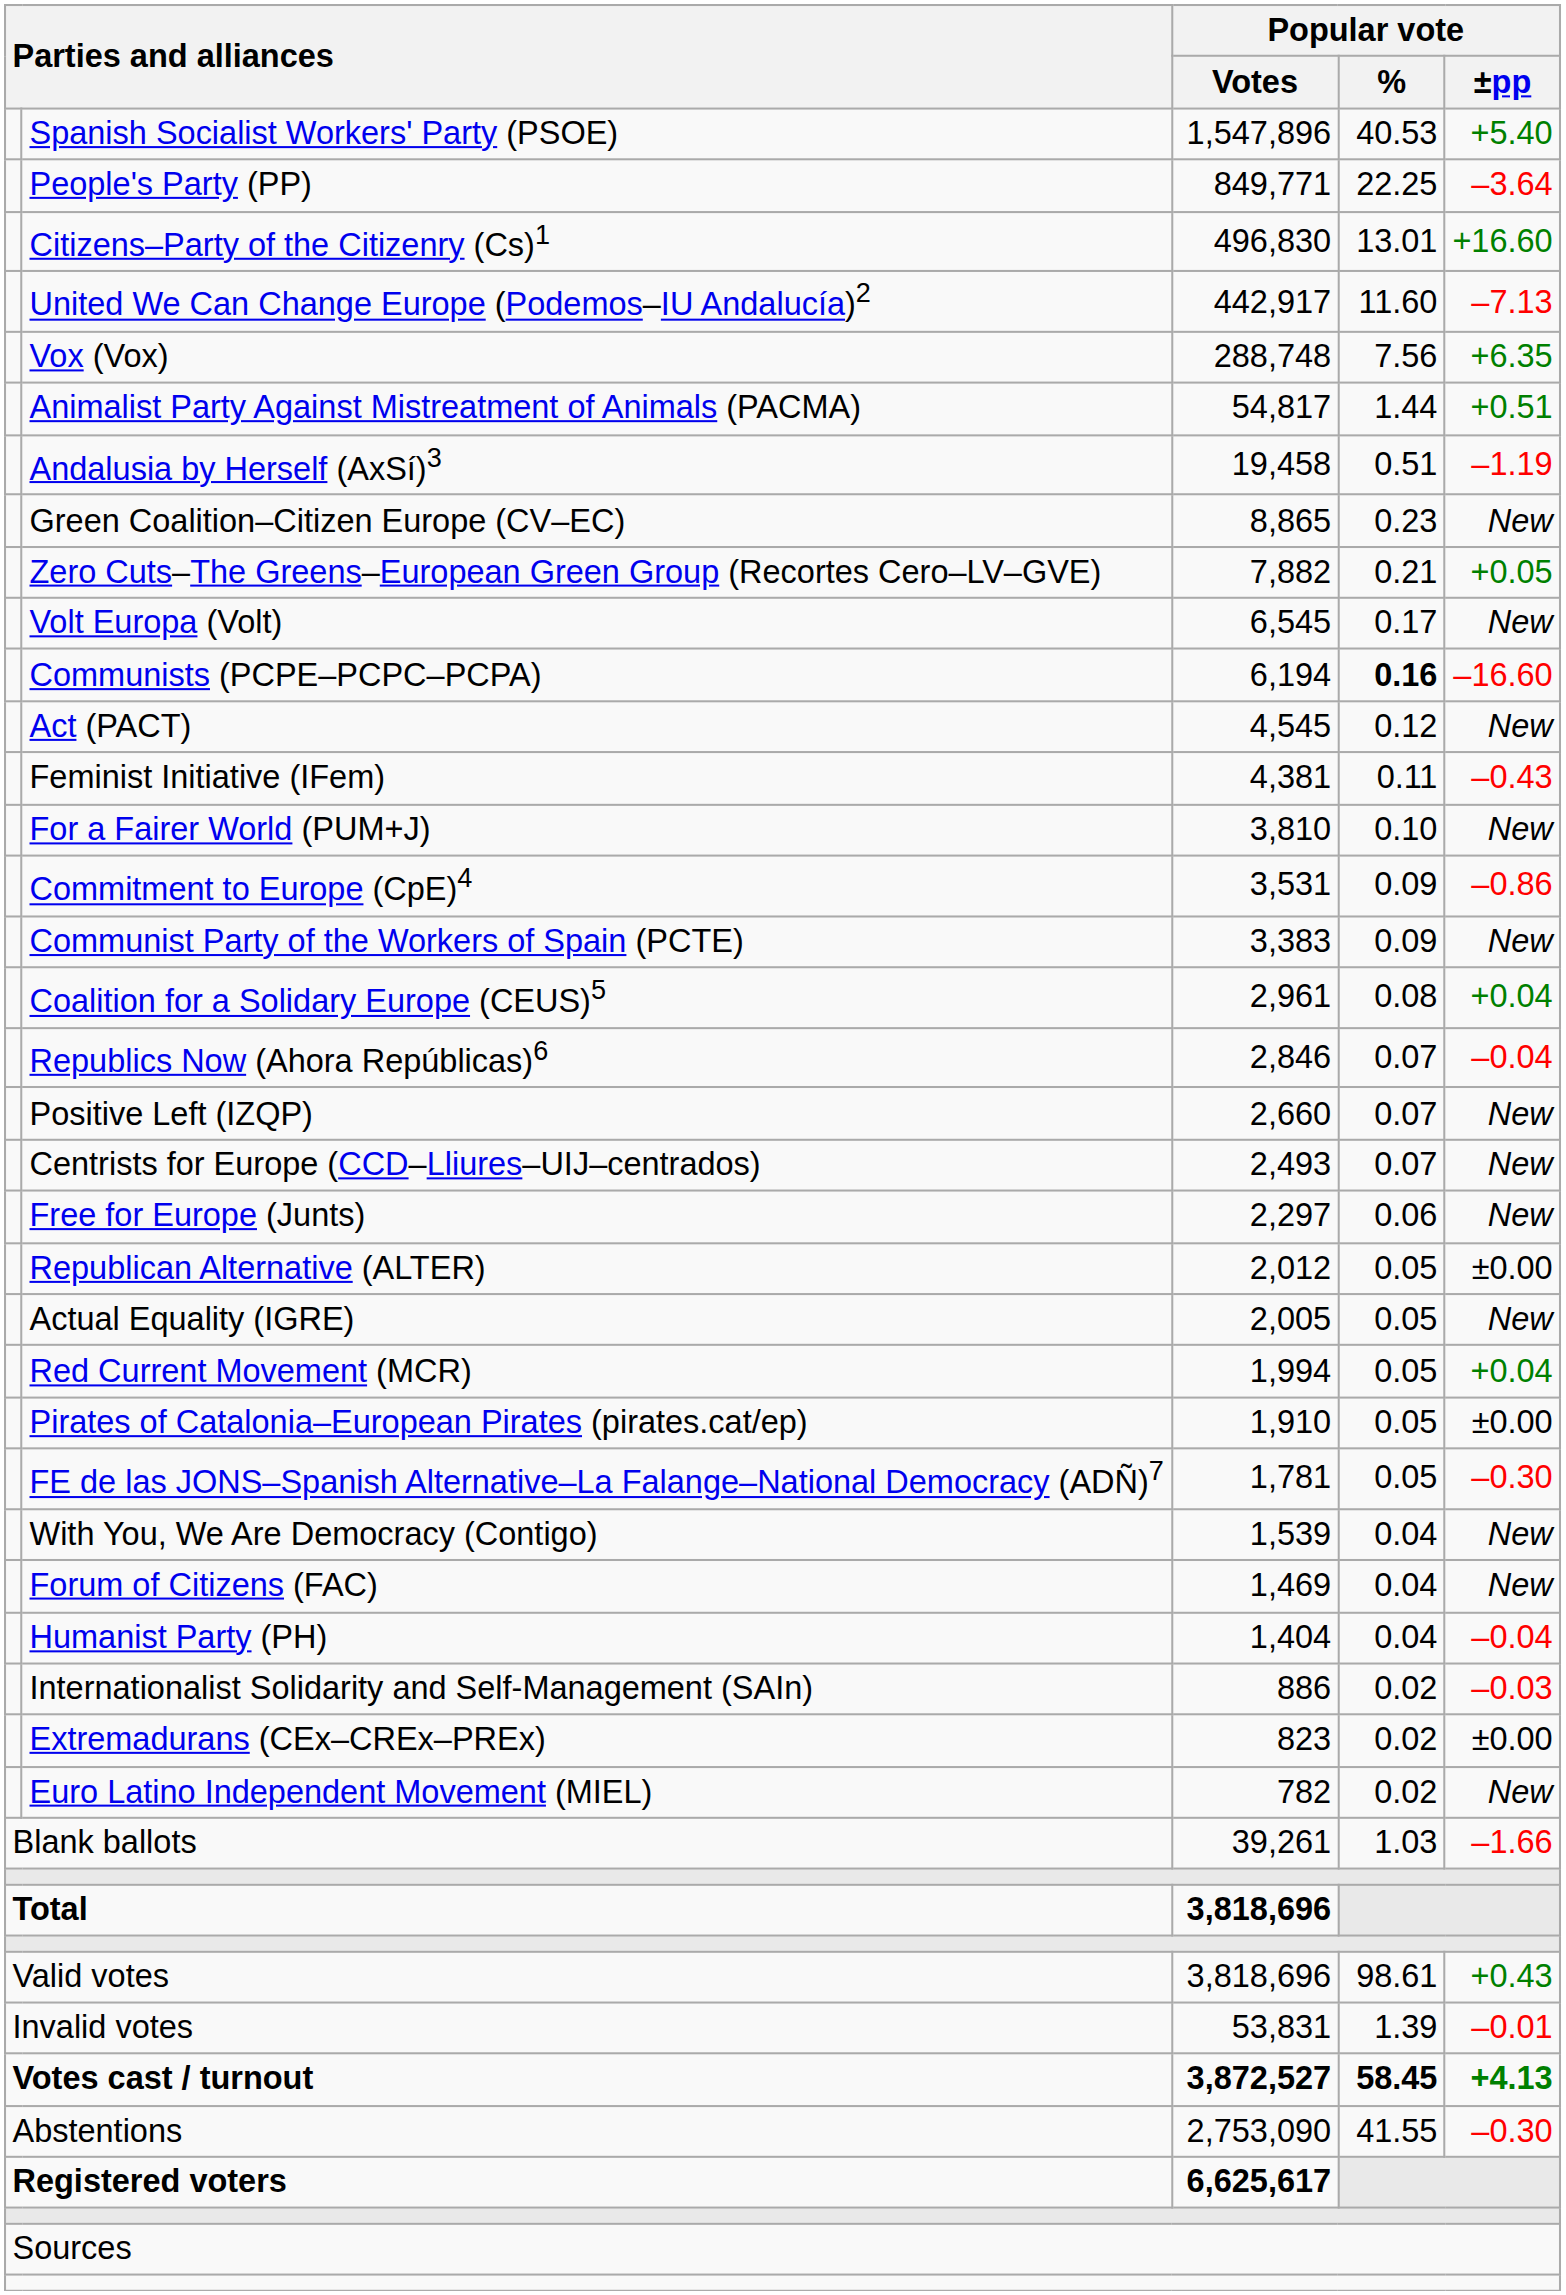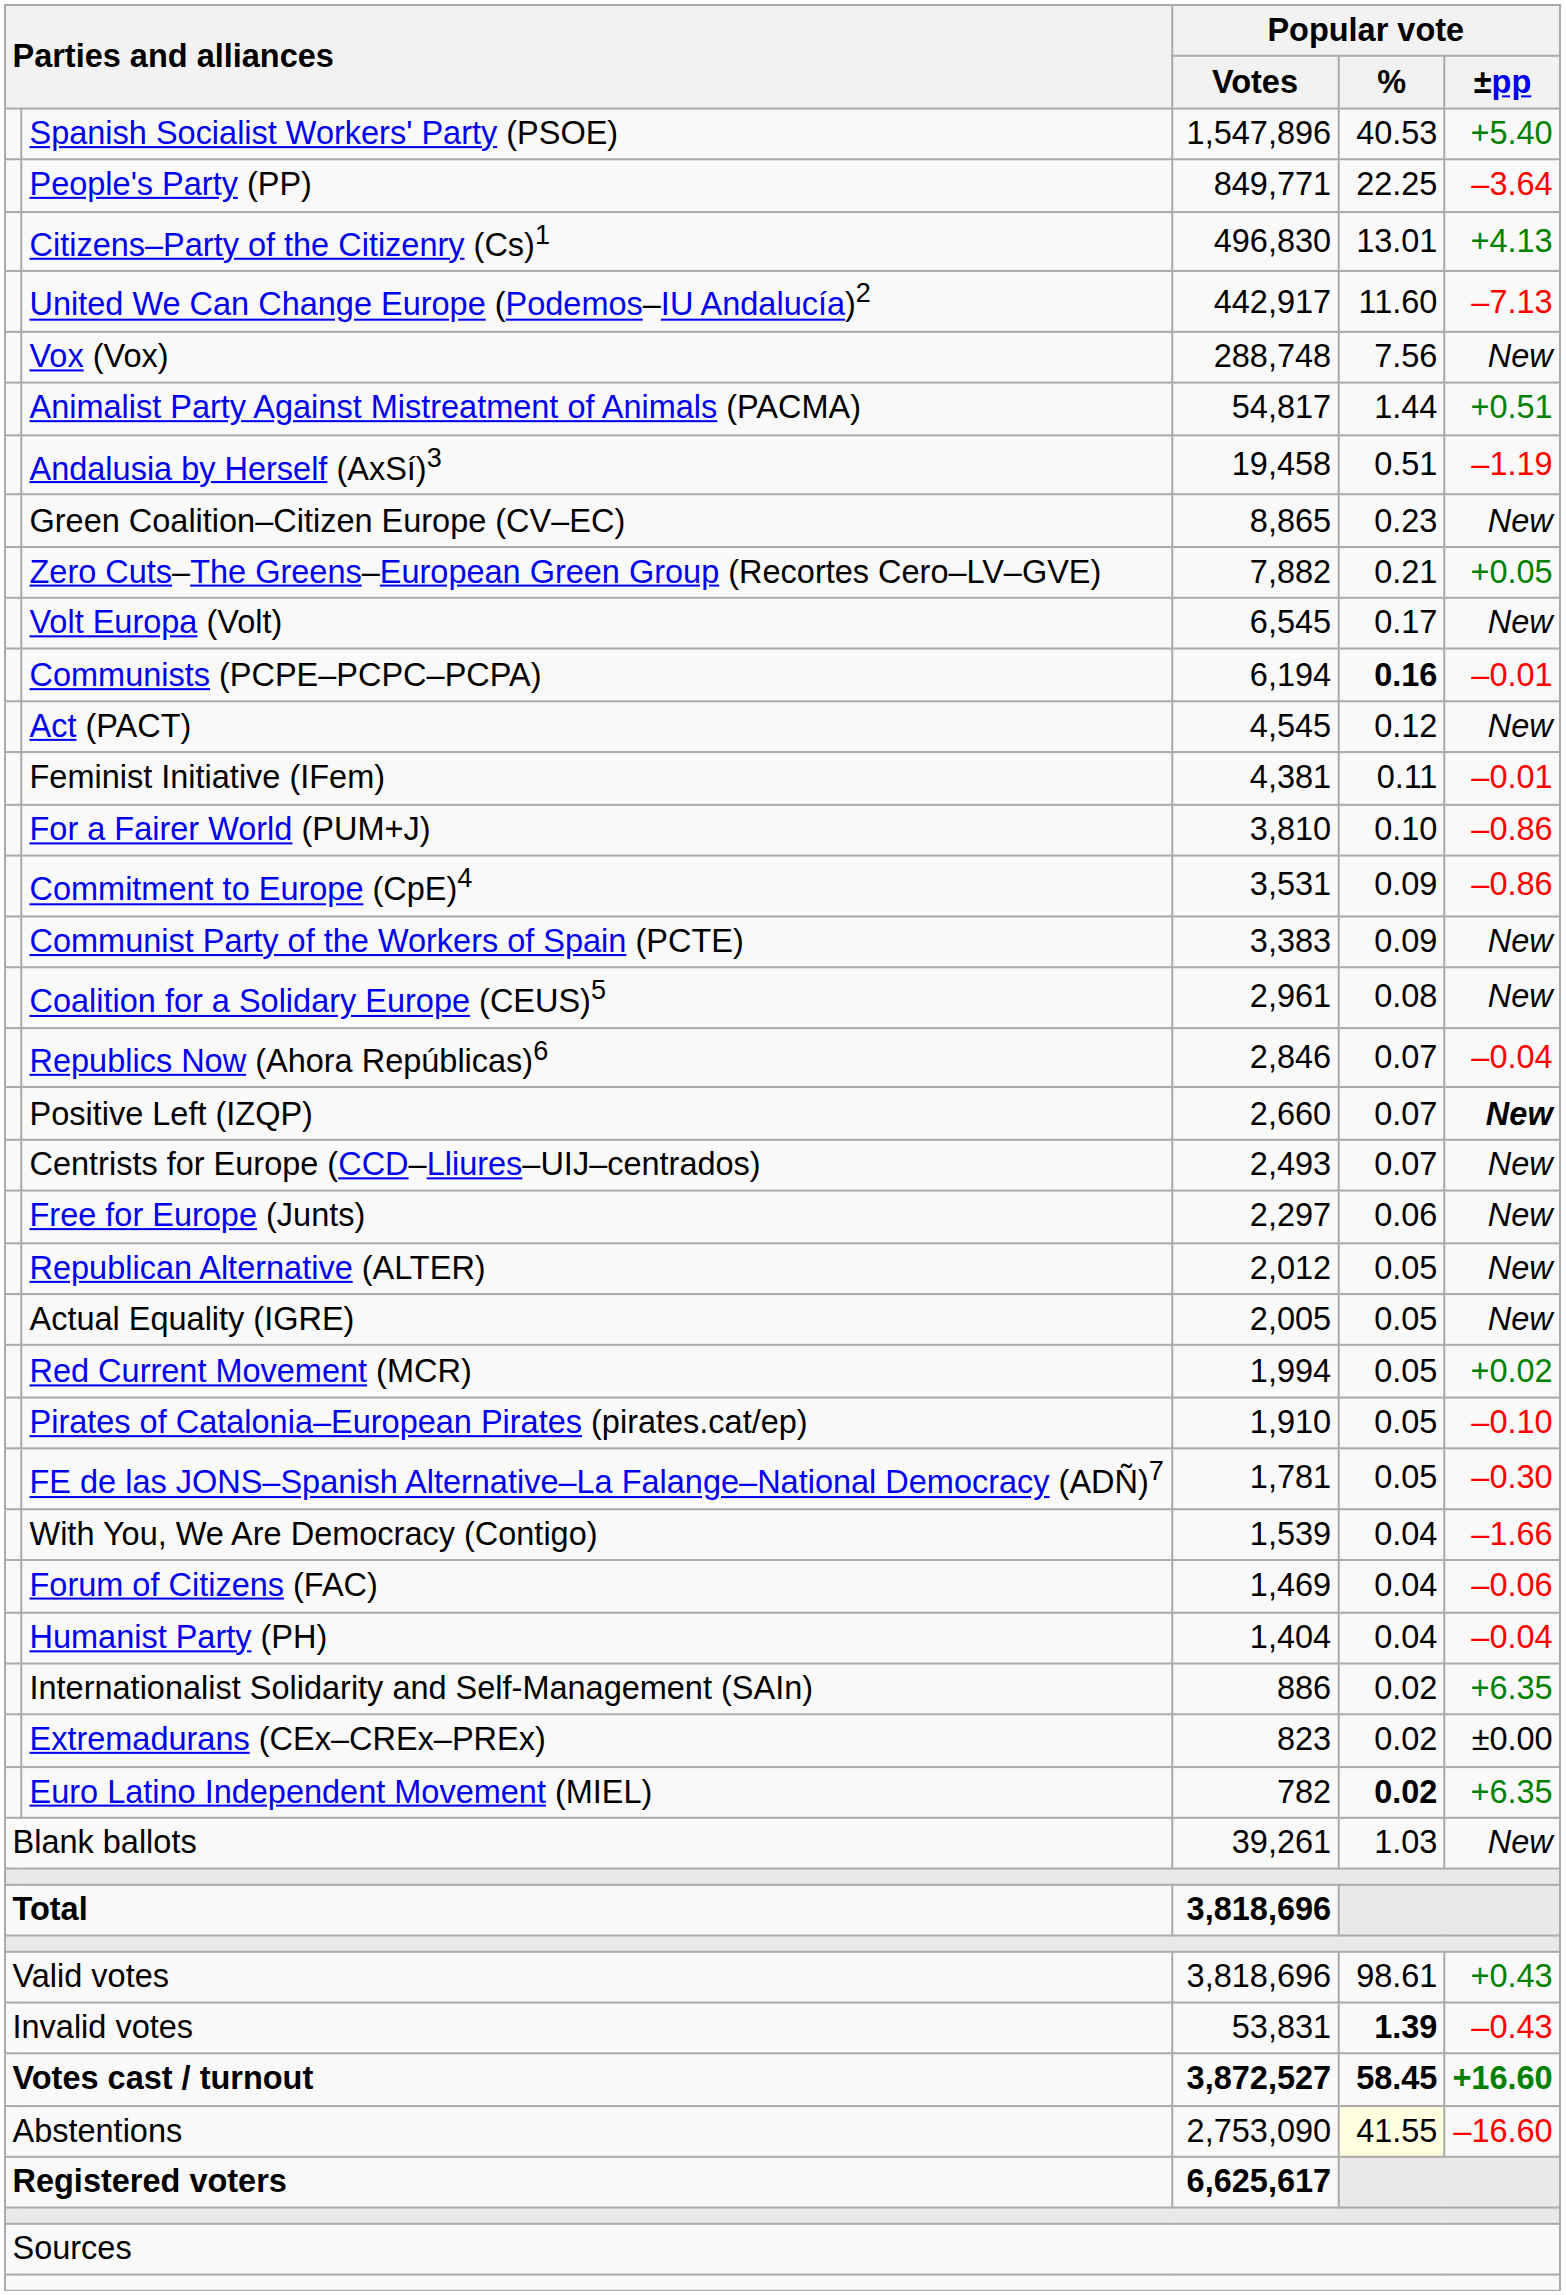 <table class="wikitable" style="text-align:right;">
 <tr>
 <th style="text-align:left;" rowspan="2" colspan="2" width="525">Parties and alliances</th>
 <th colspan="3">Popular vote</th>
 </tr>
 <tr>
 <th width="75">Votes</th>
 <th width="45">%</th>
 <th width="45">±<a href='#'>pp</a></th>
 </tr>
 <tr>
 <td width="1" style="color:inherit;background:"></td>
 <td align="left"><a href='#'>Spanish Socialist Workers' Party</a> (PSOE)</td>
 <td>1,547,896</td>
 <td>40.53</td>
 <td style="color:green;">+5.40</td>
 </tr>
 <tr>
 <td style="color:inherit;background:"></td>
 <td align="left"><a href='#'>People's Party</a> (PP)</td>
 <td>849,771</td>
 <td>22.25</td>
 <td style="color:red;">–3.64</td>
 </tr>
 <tr>
 <td style="color:inherit;background:"></td>
 <td align="left"><a href='#'>Citizens–Party of the Citizenry</a> (Cs)<sup>1</sup></td>
 <td>496,830</td>
 <td>13.01</td>
-<td style="color:green;">+16.60</td>
+<td style="color:green;">+4.13</td>
 </tr>
 <tr>
 <td style="color:inherit;background:"></td>
 <td align="left"><a href='#'>United We Can Change Europe</a> (<a href='#'>Podemos</a>–<a href='#'>IU Andalucía</a>)<sup>2</sup></td>
 <td>442,917</td>
 <td>11.60</td>
 <td style="color:red;">–7.13</td>
 </tr>
 <tr>
 <td style="color:inherit;background:"></td>
 <td align="left"><a href='#'>Vox</a> (Vox)</td>
 <td>288,748</td>
 <td>7.56</td>
-<td style="color:green;">+6.35</td>
+<td><em>New</em></td>
 </tr>
 <tr>
 <td style="color:inherit;background:"></td>
 <td align="left"><a href='#'>Animalist Party Against Mistreatment of Animals</a> (PACMA)</td>
 <td>54,817</td>
 <td>1.44</td>
 <td style="color:green;">+0.51</td>
 </tr>
 <tr>
 <td style="color:inherit;background:"></td>
 <td align="left"><a href='#'>Andalusia by Herself</a> (AxSí)<sup>3</sup></td>
 <td>19,458</td>
 <td>0.51</td>
 <td style="color:red;">–1.19</td>
 </tr>
 <tr>
 <td style="color:inherit;background:"></td>
 <td align="left">Green Coalition–Citizen Europe (CV–EC)</td>
 <td>8,865</td>
 <td>0.23</td>
 <td><em>New</em></td>
 </tr>
 <tr>
 <td style="color:inherit;background:"></td>
 <td align="left"><a href='#'>Zero Cuts</a>–<a href='#'>The Greens</a>–<a href='#'>European Green Group</a> (Recortes Cero–LV–GVE)</td>
 <td>7,882</td>
 <td>0.21</td>
 <td style="color:green;">+0.05</td>
 </tr>
 <tr>
 <td style="color:inherit;background:"></td>
 <td align="left"><a href='#'>Volt Europa</a> (Volt)</td>
 <td>6,545</td>
 <td>0.17</td>
 <td><em>New</em></td>
 </tr>
 <tr>
 <td style="color:inherit;background:"></td>
 <td align="left"><a href='#'>Communists</a> (PCPE–PCPC–PCPA)</td>
 <td>6,194</td>
 <td><strong>0.16</strong></td>
-<td style="color:red;">–16.60</td>
+<td style="color:red;">–0.01</td>
 </tr>
 <tr>
 <td style="color:inherit;background:"></td>
 <td align="left"><a href='#'>Act</a> (PACT)</td>
 <td>4,545</td>
 <td>0.12</td>
 <td><em>New</em></td>
 </tr>
 <tr>
 <td style="color:inherit;background:"></td>
 <td align="left">Feminist Initiative (IFem)</td>
 <td>4,381</td>
 <td>0.11</td>
-<td style="color:red;">–0.43</td>
+<td style="color:red;">–0.01</td>
 </tr>
 <tr>
 <td style="color:inherit;background:"></td>
 <td align="left"><a href='#'>For a Fairer World</a> (PUM+J)</td>
 <td>3,810</td>
 <td>0.10</td>
-<td><em>New</em></td>
+<td style="color:red;">–0.86</td>
 </tr>
 <tr>
 <td style="color:inherit;background:"></td>
 <td align="left"><a href='#'>Commitment to Europe</a> (CpE)<sup>4</sup></td>
 <td>3,531</td>
 <td>0.09</td>
 <td style="color:red;">–0.86</td>
 </tr>
 <tr>
 <td style="color:inherit;background:"></td>
 <td align="left"><a href='#'>Communist Party of the Workers of Spain</a> (PCTE)</td>
 <td>3,383</td>
 <td>0.09</td>
 <td><em>New</em></td>
 </tr>
 <tr>
 <td style="color:inherit;background:"></td>
 <td align="left"><a href='#'>Coalition for a Solidary Europe</a> (CEUS)<sup>5</sup></td>
 <td>2,961</td>
 <td>0.08</td>
-<td style="color:green;">+0.04</td>
+<td><em>New</em></td>
 </tr>
 <tr>
 <td style="color:inherit;background:"></td>
 <td align="left"><a href='#'>Republics Now</a> (Ahora Repúblicas)<sup>6</sup></td>
 <td>2,846</td>
 <td>0.07</td>
 <td style="color:red;">–0.04</td>
 </tr>
 <tr>
 <td style="color:inherit;background:"></td>
 <td align="left">Positive Left (IZQP)</td>
 <td>2,660</td>
 <td>0.07</td>
-<td><em>New</em></td>
+<td><strong><em>New</em></strong></td>
 </tr>
 <tr>
 <td style="color:inherit;background:"></td>
 <td align="left">Centrists for Europe (<a href='#'>CCD</a>–<a href='#'>Lliures</a>–UIJ–centrados)</td>
 <td>2,493</td>
 <td>0.07</td>
 <td><em>New</em></td>
 </tr>
 <tr>
 <td style="color:inherit;background:"></td>
 <td align="left"><a href='#'>Free for Europe</a> (Junts)</td>
 <td>2,297</td>
 <td>0.06</td>
 <td><em>New</em></td>
 </tr>
 <tr>
 <td style="color:inherit;background:"></td>
 <td align="left"><a href='#'>Republican Alternative</a> (ALTER)</td>
 <td>2,012</td>
 <td>0.05</td>
-<td>±0.00</td>
+<td><em>New</em></td>
 </tr>
 <tr>
 <td style="color:inherit;background:"></td>
 <td align="left">Actual Equality (IGRE)</td>
 <td>2,005</td>
 <td>0.05</td>
 <td><em>New</em></td>
 </tr>
 <tr>
 <td style="color:inherit;background:"></td>
 <td align="left"><a href='#'>Red Current Movement</a> (MCR)</td>
 <td>1,994</td>
 <td>0.05</td>
-<td style="color:green;">+0.04</td>
+<td style="color:green;">+0.02</td>
 </tr>
 <tr>
 <td style="color:inherit;background:"></td>
 <td align="left"><a href='#'>Pirates of Catalonia–European Pirates</a> (pirates.cat/ep)</td>
 <td>1,910</td>
 <td>0.05</td>
-<td>±0.00</td>
+<td style="color:red;">–0.10</td>
 </tr>
 <tr>
 <td style="color:inherit;background:"></td>
 <td align="left"><a href='#'>FE de las JONS–Spanish Alternative–La Falange–National Democracy</a> (ADÑ)<sup>7</sup></td>
 <td>1,781</td>
 <td>0.05</td>
 <td style="color:red;">–0.30</td>
 </tr>
 <tr>
 <td style="color:inherit;background:"></td>
 <td align="left">With You, We Are Democracy (Contigo)</td>
 <td>1,539</td>
 <td>0.04</td>
-<td><em>New</em></td>
+<td style="color:red;">–1.66</td>
 </tr>
 <tr>
 <td style="color:inherit;background:"></td>
 <td align="left"><a href='#'>Forum of Citizens</a> (FAC)</td>
 <td>1,469</td>
 <td>0.04</td>
-<td><em>New</em></td>
+<td style="color:red;">–0.06</td>
 </tr>
 <tr>
 <td style="color:inherit;background:"></td>
 <td align="left"><a href='#'>Humanist Party</a> (PH)</td>
 <td>1,404</td>
 <td>0.04</td>
 <td style="color:red;">–0.04</td>
 </tr>
 <tr>
 <td style="color:inherit;background:"></td>
 <td align="left">Internationalist Solidarity and Self-Management (SAIn)</td>
 <td>886</td>
 <td>0.02</td>
-<td style="color:red;">–0.03</td>
+<td style="color:green;">+6.35</td>
 </tr>
 <tr>
 <td style="color:inherit;background:"></td>
 <td align="left"><a href='#'>Extremadurans</a> (CEx–CREx–PREx)</td>
 <td>823</td>
 <td>0.02</td>
 <td>±0.00</td>
 </tr>
 <tr>
 <td style="color:inherit;background:"></td>
 <td align="left"><a href='#'>Euro Latino Independent Movement</a> (MIEL)</td>
 <td>782</td>
-<td>0.02</td>
-<td><em>New</em></td>
+<td><strong>0.02</strong></td>
+<td style="color:green;">+6.35</td>
 </tr>
 <tr>
 <td align="left" colspan="2">Blank ballots</td>
 <td>39,261</td>
 <td>1.03</td>
-<td style="color:red;">–1.66</td>
+<td><em>New</em></td>
 </tr>
 <tr>
 <td colspan="5" bgcolor="#E9E9E9"></td>
 </tr>
 <tr style="font-weight:bold;">
 <td align="left" colspan="2">Total</td>
 <td>3,818,696</td>
 <td bgcolor="#E9E9E9" colspan="2"></td>
 </tr>
 <tr>
 <td colspan="5" bgcolor="#E9E9E9"></td>
 </tr>
 <tr>
 <td align="left" colspan="2">Valid votes</td>
 <td>3,818,696</td>
 <td>98.61</td>
 <td style="color:green;">+0.43</td>
 </tr>
 <tr>
 <td align="left" colspan="2">Invalid votes</td>
 <td>53,831</td>
-<td>1.39</td>
-<td style="color:red;">–0.01</td>
+<td><strong>1.39</strong></td>
+<td style="color:red;">–0.43</td>
 </tr>
 <tr style="font-weight:bold;">
 <td align="left" colspan="2">Votes cast / turnout</td>
 <td>3,872,527</td>
 <td>58.45</td>
-<td style="color:green;">+4.13</td>
+<td style="color:green;">+16.60</td>
 </tr>
 <tr>
 <td align="left" colspan="2">Abstentions</td>
 <td>2,753,090</td>
-<td>41.55</td>
-<td style="color:red;">–0.30</td>
+<td style="background: lightyellow;">41.55</td>
+<td style="color:red;">–16.60</td>
 </tr>
 <tr style="font-weight:bold;">
 <td align="left" colspan="2">Registered voters</td>
 <td>6,625,617</td>
 <td bgcolor="#E9E9E9" colspan="2"></td>
 </tr>
 <tr>
 <td colspan="5" bgcolor="#E9E9E9"></td>
 </tr>
 <tr>
 <td align="left" colspan="5">Sources</td>
 </tr>
 <tr>
 <td colspan="5" style="text-align:left; max-width:680px;"></td>
 </tr>
 </table>
